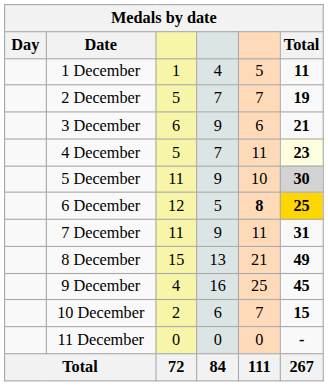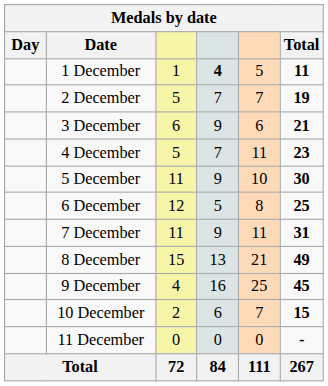 <table class="wikitable" style="font-size:90%; text-align:center;">
 <tr style="background:#efefef;">
 <th colspan=6><strong>Medals by date</strong></th>
 </tr>
 <tr>
 <th width=30><strong>Day</strong></th>
 <th width=90><strong>Date</strong></th>
 <th width=30 style="background:#F7F6A8;"></th>
 <th width=30 style="background:#DCE5E5;"></th>
 <th width=30 style="background:#FFDAB9;"></th>
 <th width=30><strong>Total</strong></th>
 </tr>
 <tr>
 <td></td>
 <td>1 December</td>
 <td style="background:#F7F6A8;">1</td>
-<td style="background:#DCE5E5;">4</td>
+<td style="background:#DCE5E5;"><strong>4</strong></td>
 <td style="background:#FFDAB9;">5</td>
 <td><strong>11</strong></td>
 </tr>
 <tr>
 <td></td>
 <td>2 December</td>
 <td style="background:#F7F6A8;">5</td>
 <td style="background:#DCE5E5;">7</td>
 <td style="background:#FFDAB9;">7</td>
 <td><strong>19</strong></td>
 </tr>
 <tr>
 <td></td>
 <td>3 December</td>
 <td style="background:#F7F6A8;">6</td>
 <td style="background:#DCE5E5;">9</td>
 <td style="background:#FFDAB9;">6</td>
 <td><strong>21</strong></td>
 </tr>
 <tr>
 <td></td>
 <td>4 December</td>
 <td style="background:#F7F6A8;">5</td>
 <td style="background:#DCE5E5;">7</td>
 <td style="background:#FFDAB9;">11</td>
-<td style="background: lightyellow;"><strong>23</strong></td>
+<td><strong>23</strong></td>
 </tr>
 <tr>
 <td></td>
 <td>5 December</td>
 <td style="background:#F7F6A8;">11</td>
 <td style="background:#DCE5E5;">9</td>
 <td style="background:#FFDAB9;">10</td>
-<td style="background: lightgrey;"><strong>30</strong></td>
+<td><strong>30</strong></td>
 </tr>
 <tr>
 <td></td>
 <td>6 December</td>
 <td style="background:#F7F6A8;">12</td>
 <td style="background:#DCE5E5;">5</td>
-<td style="background:#FFDAB9;"><strong>8</strong></td>
-<td style="background: gold;"><strong>25</strong></td>
+<td style="background:#FFDAB9;">8</td>
+<td><strong>25</strong></td>
 </tr>
 <tr>
 <td></td>
 <td>7 December</td>
 <td style="background:#F7F6A8;">11</td>
 <td style="background:#DCE5E5;">9</td>
 <td style="background:#FFDAB9;">11</td>
 <td><strong>31</strong></td>
 </tr>
 <tr>
 <td></td>
 <td>8 December</td>
 <td style="background:#F7F6A8;">15</td>
 <td style="background:#DCE5E5;">13</td>
 <td style="background:#FFDAB9;">21</td>
 <td><strong>49</strong></td>
 </tr>
 <tr>
 <td></td>
 <td>9 December</td>
 <td style="background:#F7F6A8;">4</td>
 <td style="background:#DCE5E5;">16</td>
 <td style="background:#FFDAB9;">25</td>
 <td><strong>45</strong></td>
 </tr>
 <tr>
 <td></td>
 <td>10 December</td>
 <td style="background:#F7F6A8;">2</td>
 <td style="background:#DCE5E5;">6</td>
 <td style="background:#FFDAB9;">7</td>
 <td><strong>15</strong></td>
 </tr>
 <tr>
 <td></td>
 <td>11 December</td>
 <td style="background:#F7F6A8;">0</td>
 <td style="background:#DCE5E5;">0</td>
 <td style="background:#FFDAB9;">0</td>
 <td><strong>-</strong></td>
 </tr>
 <tr>
 <th colspan="2"><strong>Total</strong></th>
 <th><strong>72</strong></th>
 <th><strong>84</strong></th>
 <th><strong>111</strong></th>
 <th><strong>267</strong></th>
 </tr>
 </table>
